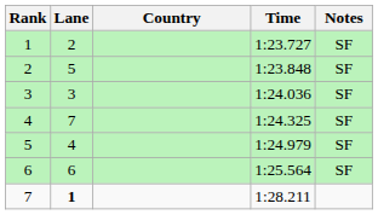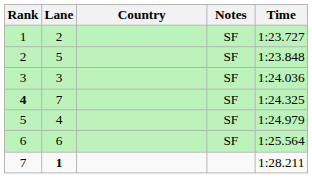 <table class="wikitable" style="text-align:center;">
 <tr>
 <th width=30>Rank</th>
 <th width=30>Lane</th>
 <th width=150>Country</th>
+<th width=50>Notes</th>
 <th width=30>Time</th>
-<th width=50>Notes</th>
 </tr>
 <tr bgcolor=bbf3bb>
 <td>1</td>
 <td>2</td>
 <td align=left></td>
+<td>SF</td>
 <td>1:23.727</td>
-<td>SF</td>
 </tr>
 <tr bgcolor=bbf3bb>
 <td>2</td>
 <td>5</td>
 <td align=left></td>
+<td>SF</td>
 <td>1:23.848</td>
-<td>SF</td>
 </tr>
 <tr bgcolor=bbf3bb>
 <td>3</td>
 <td>3</td>
 <td align=left></td>
+<td>SF</td>
 <td>1:24.036</td>
-<td>SF</td>
 </tr>
 <tr bgcolor=bbf3bb>
-<td>4</td>
+<td><strong>4</strong></td>
 <td>7</td>
 <td align=left></td>
+<td>SF</td>
 <td>1:24.325</td>
-<td>SF</td>
 </tr>
 <tr bgcolor=bbf3bb>
 <td>5</td>
 <td>4</td>
 <td align=left></td>
+<td>SF</td>
 <td>1:24.979</td>
-<td>SF</td>
 </tr>
 <tr bgcolor=bbf3bb>
 <td>6</td>
 <td>6</td>
 <td align=left></td>
+<td>SF</td>
 <td>1:25.564</td>
-<td>SF</td>
 </tr>
 <tr>
 <td>7</td>
 <td><strong>1</strong></td>
 <td align=left></td>
+<td></td>
 <td>1:28.211</td>
-<td></td>
 </tr>
 </table>
